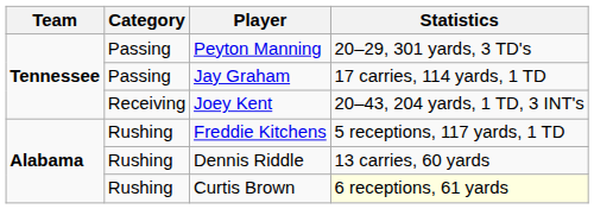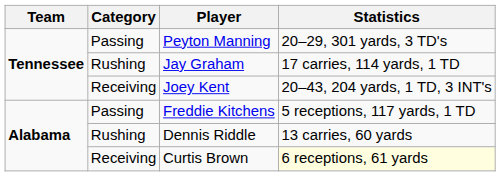 <table class="wikitable" style="float: right;">
 <tr>
 <th>Team</th>
 <th>Category</th>
 <th>Player</th>
 <th>Statistics</th>
 </tr>
 <tr>
 <td rowspan=3><strong>Tennessee</strong></td>
 <td>Passing</td>
 <td><a href='#'>Peyton Manning</a></td>
 <td>20–29, 301 yards, 3 TD's</td>
 </tr>
 <tr>
-<td>Passing</td>
+<td>Rushing</td>
 <td><a href='#'>Jay Graham</a></td>
 <td>17 carries, 114 yards, 1 TD</td>
 </tr>
 <tr>
 <td>Receiving</td>
 <td><a href='#'>Joey Kent</a></td>
 <td>20–43, 204 yards, 1 TD, 3 INT's</td>
 </tr>
 <tr>
 <td rowspan=3><strong>Alabama</strong></td>
-<td>Rushing</td>
+<td>Passing</td>
 <td><a href='#'>Freddie Kitchens</a></td>
 <td>5 receptions, 117 yards, 1 TD</td>
 </tr>
 <tr>
 <td>Rushing</td>
 <td>Dennis Riddle</td>
 <td>13 carries, 60 yards</td>
 </tr>
 <tr>
-<td>Rushing</td>
+<td>Receiving</td>
 <td>Curtis Brown</td>
 <td style="background: lightyellow;">6 receptions, 61 yards</td>
 </tr>
 </table>
